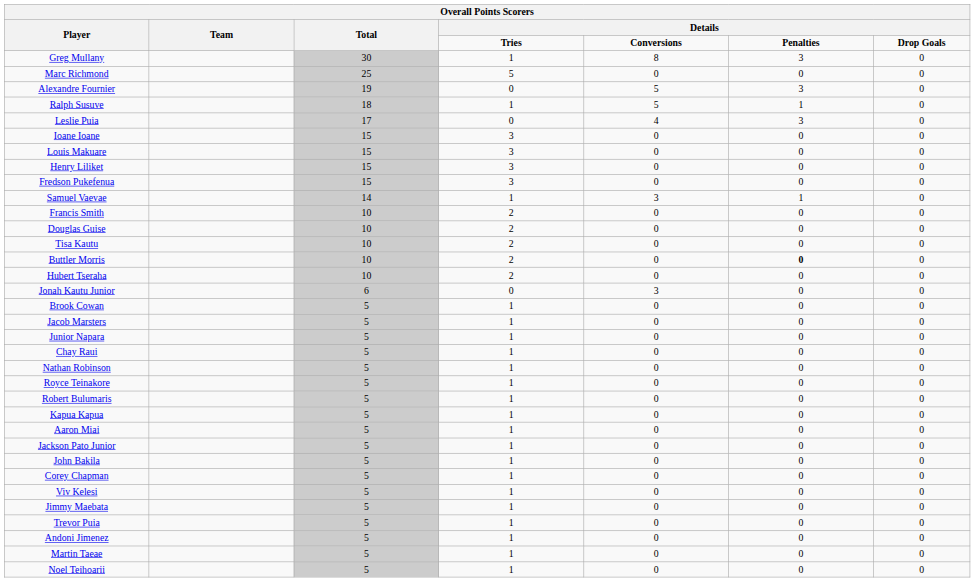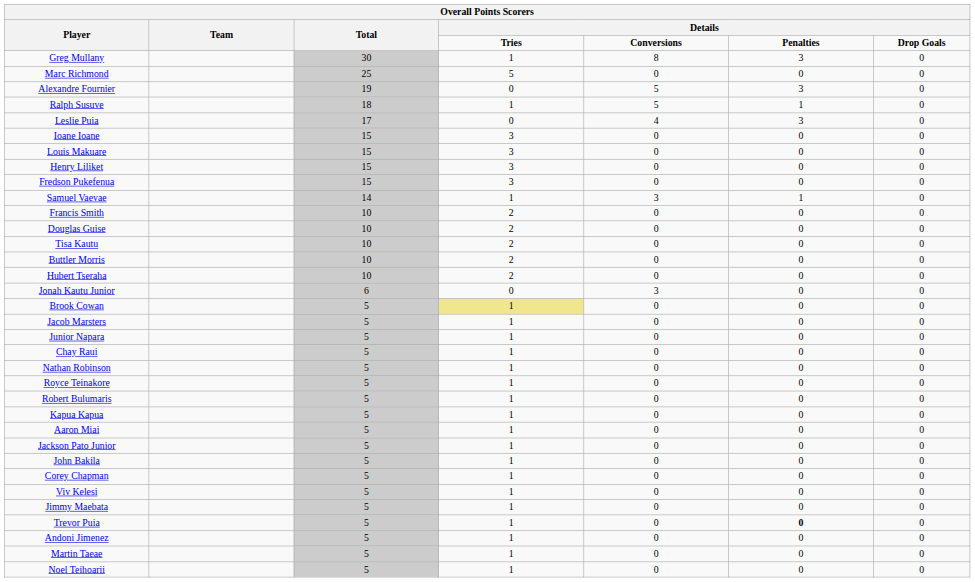 <table class="wikitable collapsible collapsed" style="text-align:center;width:100%">
 <tr>
 <th colspan=100%>Overall Points Scorers</th>
 </tr>
 <tr>
 <th rowspan="2" style="width:15%;">Player</th>
 <th rowspan="2" style="width:15%;">Team</th>
 <th rowspan="2" style="width:15%;">Total</th>
 <th colspan="4" style="width:60%;">Details</th>
 </tr>
 <tr>
 <td width=15%><strong>Tries</strong></td>
 <td width=15%><strong>Conversions</strong></td>
 <td width=15%><strong>Penalties</strong></td>
 <td width=15%><strong>Drop Goals</strong></td>
 </tr>
 <tr>
 <td><a href='#'>Greg Mullany</a></td>
 <td align=left></td>
 <td style="background:#ccc;">30</td>
 <td>1</td>
 <td>8</td>
 <td>3</td>
 <td>0</td>
 </tr>
 <tr>
 <td><a href='#'>Marc Richmond</a></td>
 <td align=left></td>
 <td style="background:#ccc;">25</td>
 <td>5</td>
 <td>0</td>
 <td>0</td>
 <td>0</td>
 </tr>
 <tr>
 <td><a href='#'>Alexandre Fournier</a></td>
 <td align=left></td>
 <td style="background:#ccc;">19</td>
 <td>0</td>
 <td>5</td>
 <td>3</td>
 <td>0</td>
 </tr>
 <tr>
 <td><a href='#'>Ralph Susuve</a></td>
 <td align=left></td>
 <td style="background:#ccc;">18</td>
 <td>1</td>
 <td>5</td>
 <td>1</td>
 <td>0</td>
 </tr>
 <tr>
 <td><a href='#'>Leslie Puia</a></td>
 <td align=left></td>
 <td style="background:#ccc;">17</td>
 <td>0</td>
 <td>4</td>
 <td>3</td>
 <td>0</td>
 </tr>
 <tr>
 <td><a href='#'>Ioane Ioane</a></td>
 <td align=left></td>
 <td style="background:#ccc;">15</td>
 <td>3</td>
 <td>0</td>
 <td>0</td>
 <td>0</td>
 </tr>
 <tr>
 <td><a href='#'>Louis Makuare</a></td>
 <td align=left></td>
 <td style="background:#ccc;">15</td>
 <td>3</td>
 <td>0</td>
 <td>0</td>
 <td>0</td>
 </tr>
 <tr>
 <td><a href='#'>Henry Liliket</a></td>
 <td align=left></td>
 <td style="background:#ccc;">15</td>
 <td>3</td>
 <td>0</td>
 <td>0</td>
 <td>0</td>
 </tr>
 <tr>
 <td><a href='#'>Fredson Pukefenua</a></td>
 <td align=left></td>
 <td style="background:#ccc;">15</td>
 <td>3</td>
 <td>0</td>
 <td>0</td>
 <td>0</td>
 </tr>
 <tr>
 <td><a href='#'>Samuel Vaevae</a></td>
 <td align=left></td>
 <td style="background:#ccc;">14</td>
 <td>1</td>
 <td>3</td>
 <td>1</td>
 <td>0</td>
 </tr>
 <tr>
 <td><a href='#'>Francis Smith</a></td>
 <td align=left></td>
 <td style="background:#ccc;">10</td>
 <td>2</td>
 <td>0</td>
 <td>0</td>
 <td>0</td>
 </tr>
 <tr>
 <td><a href='#'>Douglas Guise</a></td>
 <td align=left></td>
 <td style="background:#ccc;">10</td>
 <td>2</td>
 <td>0</td>
 <td>0</td>
 <td>0</td>
 </tr>
 <tr>
 <td><a href='#'>Tisa Kautu</a></td>
 <td align=left></td>
 <td style="background:#ccc;">10</td>
 <td>2</td>
 <td>0</td>
 <td>0</td>
 <td>0</td>
 </tr>
 <tr>
 <td><a href='#'>Buttler Morris</a></td>
 <td align=left></td>
 <td style="background:#ccc;">10</td>
 <td>2</td>
 <td>0</td>
-<td><strong>0</strong></td>
+<td>0</td>
 <td>0</td>
 </tr>
 <tr>
 <td><a href='#'>Hubert Tseraha</a></td>
 <td align=left></td>
 <td style="background:#ccc;">10</td>
 <td>2</td>
 <td>0</td>
 <td>0</td>
 <td>0</td>
 </tr>
 <tr>
 <td><a href='#'>Jonah Kautu Junior</a></td>
 <td align=left></td>
 <td style="background:#ccc;">6</td>
 <td>0</td>
 <td>3</td>
 <td>0</td>
 <td>0</td>
 </tr>
 <tr>
 <td><a href='#'>Brook Cowan</a></td>
 <td align=left></td>
 <td style="background:#ccc;">5</td>
-<td>1</td>
+<td style="background: khaki;">1</td>
 <td>0</td>
 <td>0</td>
 <td>0</td>
 </tr>
 <tr>
 <td><a href='#'>Jacob Marsters</a></td>
 <td align=left></td>
 <td style="background:#ccc;">5</td>
 <td>1</td>
 <td>0</td>
 <td>0</td>
 <td>0</td>
 </tr>
 <tr>
 <td><a href='#'>Junior Napara</a></td>
 <td align=left></td>
 <td style="background:#ccc;">5</td>
 <td>1</td>
 <td>0</td>
 <td>0</td>
 <td>0</td>
 </tr>
 <tr>
 <td><a href='#'>Chay Raui</a></td>
 <td align=left></td>
 <td style="background:#ccc;">5</td>
 <td>1</td>
 <td>0</td>
 <td>0</td>
 <td>0</td>
 </tr>
 <tr>
 <td><a href='#'>Nathan Robinson</a></td>
 <td align=left></td>
 <td style="background:#ccc;">5</td>
 <td>1</td>
 <td>0</td>
 <td>0</td>
 <td>0</td>
 </tr>
 <tr>
 <td><a href='#'>Royce Teinakore</a></td>
 <td align=left></td>
 <td style="background:#ccc;">5</td>
 <td>1</td>
 <td>0</td>
 <td>0</td>
 <td>0</td>
 </tr>
 <tr>
 <td><a href='#'>Robert Bulumaris</a></td>
 <td align=left></td>
 <td style="background:#ccc;">5</td>
 <td>1</td>
 <td>0</td>
 <td>0</td>
 <td>0</td>
 </tr>
 <tr>
 <td><a href='#'>Kapua Kapua</a></td>
 <td align=left></td>
 <td style="background:#ccc;">5</td>
 <td>1</td>
 <td>0</td>
 <td>0</td>
 <td>0</td>
 </tr>
 <tr>
 <td><a href='#'>Aaron Miai</a></td>
 <td align=left></td>
 <td style="background:#ccc;">5</td>
 <td>1</td>
 <td>0</td>
 <td>0</td>
 <td>0</td>
 </tr>
 <tr>
 <td><a href='#'>Jackson Pato Junior</a></td>
 <td align=left></td>
 <td style="background:#ccc;">5</td>
 <td>1</td>
 <td>0</td>
 <td>0</td>
 <td>0</td>
 </tr>
 <tr>
 <td><a href='#'>John Bakila</a></td>
 <td align=left></td>
 <td style="background:#ccc;">5</td>
 <td>1</td>
 <td>0</td>
 <td>0</td>
 <td>0</td>
 </tr>
 <tr>
 <td><a href='#'>Corey Chapman</a></td>
 <td align=left></td>
 <td style="background:#ccc;">5</td>
 <td>1</td>
 <td>0</td>
 <td>0</td>
 <td>0</td>
 </tr>
 <tr>
 <td><a href='#'>Viv Kelesi</a></td>
 <td align=left></td>
 <td style="background:#ccc;">5</td>
 <td>1</td>
 <td>0</td>
 <td>0</td>
 <td>0</td>
 </tr>
 <tr>
 <td><a href='#'>Jimmy Maebata</a></td>
 <td align=left></td>
 <td style="background:#ccc;">5</td>
 <td>1</td>
 <td>0</td>
 <td>0</td>
 <td>0</td>
 </tr>
 <tr>
 <td><a href='#'>Trevor Puia</a></td>
 <td align=left></td>
 <td style="background:#ccc;">5</td>
 <td>1</td>
 <td>0</td>
-<td>0</td>
+<td><strong>0</strong></td>
 <td>0</td>
 </tr>
 <tr>
 <td><a href='#'>Andoni Jimenez</a></td>
 <td align=left></td>
 <td style="background:#ccc;">5</td>
 <td>1</td>
 <td>0</td>
 <td>0</td>
 <td>0</td>
 </tr>
 <tr>
 <td><a href='#'>Martin Taeae</a></td>
 <td align=left></td>
 <td style="background:#ccc;">5</td>
 <td>1</td>
 <td>0</td>
 <td>0</td>
 <td>0</td>
 </tr>
 <tr>
 <td><a href='#'>Noel Teihoarii</a></td>
 <td align=left></td>
 <td style="background:#ccc;">5</td>
 <td>1</td>
 <td>0</td>
 <td>0</td>
 <td>0</td>
 </tr>
 </table>
